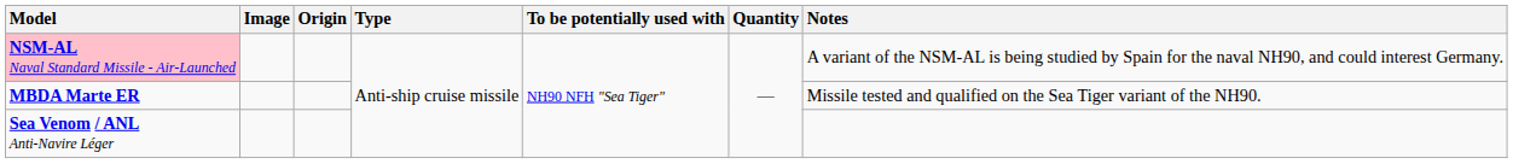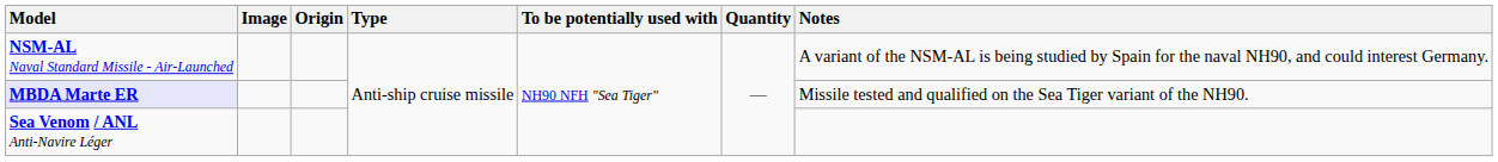 <table class="wikitable" style="font-size: 92%;">
 <tr>
 <th style="text-align: left">Model</th>
 <th style="text-align: left">Image</th>
 <th style="text-align: left">Origin</th>
 <th style="text-align: left">Type</th>
 <th style="text-align: left">To be potentially used with</th>
 <th style="text-align: left">Quantity</th>
 <th style="text-align: left">Notes</th>
 </tr>
 <tr>
-<td style="background: pink;"><a href='#'><strong>NSM-AL</strong></a><br><a href='#'><small><em>Naval Standard Missile - Air-Launched</em></small></a></td>
+<td><a href='#'><strong>NSM-AL</strong></a><br><a href='#'><small><em>Naval Standard Missile - Air-Launched</em></small></a></td>
 <td style="text-align: center"></td>
 <td></td>
 <td rowspan="3">Anti-ship cruise missile</td>
 <td rowspan="3"><small><a href='#'>NH90 NFH</a> <em>"Sea Tiger"</em></small></td>
 <td rowspan="3" style="text-align: center">—</td>
 <td>A variant of the NSM-AL is being studied by Spain for the naval NH90, and could interest Germany.</td>
 </tr>
 <tr>
-<td><a href='#'><strong>MBDA Marte ER</strong></a></td>
+<td style="background: lavender;"><a href='#'><strong>MBDA Marte ER</strong></a></td>
 <td style="text-align: center"></td>
 <td></td>
 <td>Missile tested and qualified on the Sea Tiger variant of the NH90.</td>
 </tr>
 <tr>
 <td><strong><a href='#'>Sea Venom</a></strong> <strong><a href='#'>/ ANL</a></strong><br><em><small>Anti-Navire Léger</small></em></td>
 <td></td>
 <td><br></td>
 <td></td>
 </tr>
 </table>
